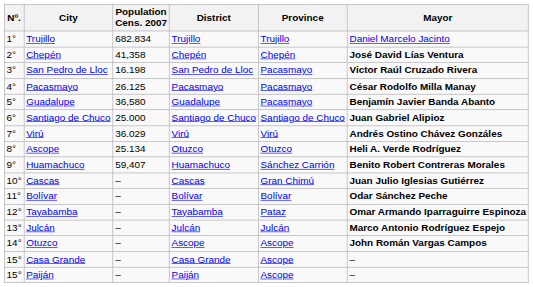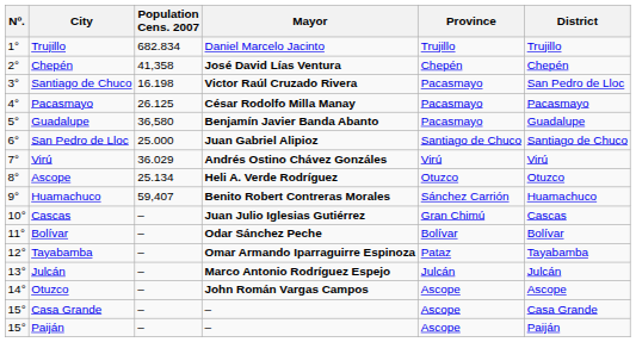 <table class="wikitable sortable">
 <tr ---->
 <th>Nº.</th>
 <th>City</th>
 <th>Population<br>Cens. 2007</th>
+<th>Mayor</th>
+<th>Province</th>
 <th>District</th>
-<th>Province</th>
-<th>Mayor</th>
 </tr>
 <tr ---->
 <td>1°</td>
 <td><a href='#'>Trujillo</a></td>
 <td>682.834</td>
+<td><a href='#'>Daniel Marcelo Jacinto</a></td>
 <td><a href='#'>Trujillo</a></td>
 <td><a href='#'>Trujillo</a></td>
-<td><a href='#'>Daniel Marcelo Jacinto</a></td>
 </tr>
 <tr ---->
 <td>2°</td>
 <td><a href='#'>Chepén</a></td>
 <td>41,358</td>
+<td><strong>José David Lías Ventura</strong></td>
 <td><a href='#'>Chepén</a></td>
 <td><a href='#'>Chepén</a></td>
-<td><strong>José David Lías Ventura</strong></td>
 </tr>
 <tr ---->
 <td>3°</td>
+<td><a href='#'>Santiago de Chuco</a></td>
+<td>16.198</td>
+<td><strong>Victor Raúl Cruzado Rivera</strong></td>
+<td><a href='#'>Pacasmayo</a></td>
 <td><a href='#'>San Pedro de Lloc</a></td>
-<td>16.198</td>
-<td><a href='#'>San Pedro de Lloc</a></td>
-<td><a href='#'>Pacasmayo</a></td>
-<td><strong>Victor Raúl Cruzado Rivera</strong></td>
 </tr>
 <tr ---->
 <td>4°</td>
 <td><a href='#'>Pacasmayo</a></td>
 <td>26.125</td>
+<td><strong>César Rodolfo Milla Manay</strong></td>
 <td><a href='#'>Pacasmayo</a></td>
 <td><a href='#'>Pacasmayo</a></td>
-<td><strong>César Rodolfo Milla Manay</strong></td>
 </tr>
 <tr ---->
 <td>5°</td>
 <td><a href='#'>Guadalupe</a></td>
 <td>36,580</td>
+<td><strong>Benjamín Javier Banda Abanto</strong></td>
+<td><a href='#'>Pacasmayo</a></td>
 <td><a href='#'>Guadalupe</a></td>
-<td><a href='#'>Pacasmayo</a></td>
-<td><strong>Benjamín Javier Banda Abanto</strong></td>
 </tr>
 <tr ---->
 <td>6°</td>
-<td><a href='#'>Santiago de Chuco</a></td>
+<td><a href='#'>San Pedro de Lloc</a></td>
 <td>25.000</td>
+<td><strong>Juan Gabriel Alipioz</strong></td>
 <td><a href='#'>Santiago de Chuco</a></td>
 <td><a href='#'>Santiago de Chuco</a></td>
-<td><strong>Juan Gabriel Alipioz</strong></td>
 </tr>
 <tr ---->
 <td>7°</td>
 <td><a href='#'>Virú</a></td>
 <td>36.029</td>
+<td><strong>Andrés Ostino Chávez Gonzáles</strong></td>
 <td><a href='#'>Virú</a></td>
 <td><a href='#'>Virú</a></td>
-<td><strong>Andrés Ostino Chávez Gonzáles</strong></td>
 </tr>
 <tr ---->
 <td>8°</td>
 <td><a href='#'>Ascope</a></td>
 <td>25.134</td>
+<td><strong>Heli A. Verde Rodríguez</strong></td>
 <td><a href='#'>Otuzco</a></td>
 <td><a href='#'>Otuzco</a></td>
-<td><strong>Heli A. Verde Rodríguez</strong></td>
 </tr>
 <tr ---->
 <td>9°</td>
 <td><a href='#'>Huamachuco</a></td>
 <td>59,407</td>
+<td><strong>Benito Robert Contreras Morales</strong></td>
+<td><a href='#'>Sánchez Carrión</a></td>
 <td><a href='#'>Huamachuco</a></td>
-<td><a href='#'>Sánchez Carrión</a></td>
-<td><strong>Benito Robert Contreras Morales</strong></td>
 </tr>
 <tr ---->
 <td>10°</td>
 <td><a href='#'>Cascas</a></td>
 <td>–</td>
+<td><strong>Juan Julio Iglesias Gutiérrez</strong></td>
+<td><a href='#'>Gran Chimú</a></td>
 <td><a href='#'>Cascas</a></td>
-<td><a href='#'>Gran Chimú</a></td>
-<td><strong>Juan Julio Iglesias Gutiérrez</strong></td>
 </tr>
 <tr ---->
 <td>11°</td>
 <td><a href='#'>Bolívar</a></td>
 <td>–</td>
+<td><strong>Odar Sánchez Peche</strong></td>
 <td><a href='#'>Bolívar</a></td>
 <td><a href='#'>Bolívar</a></td>
-<td><strong>Odar Sánchez Peche</strong></td>
 </tr>
 <tr ---->
 <td>12°</td>
 <td><a href='#'>Tayabamba</a></td>
 <td>–</td>
+<td><strong>Omar Armando Iparraguirre Espinoza</strong></td>
+<td><a href='#'>Pataz</a></td>
 <td><a href='#'>Tayabamba</a></td>
-<td><a href='#'>Pataz</a></td>
-<td><strong>Omar Armando Iparraguirre Espinoza</strong></td>
 </tr>
 <tr ---->
 <td>13°</td>
 <td><a href='#'>Julcán</a></td>
 <td>–</td>
+<td><strong>Marco Antonio Rodríguez Espejo</strong></td>
 <td><a href='#'>Julcán</a></td>
 <td><a href='#'>Julcán</a></td>
-<td><strong>Marco Antonio Rodríguez Espejo</strong></td>
 </tr>
 <tr ---->
 <td>14°</td>
 <td><a href='#'>Otuzco</a></td>
 <td>–</td>
+<td><strong>John Román Vargas Campos</strong></td>
 <td><a href='#'>Ascope</a></td>
 <td><a href='#'>Ascope</a></td>
-<td><strong>John Román Vargas Campos</strong></td>
 </tr>
 <tr ---->
 <td>15°</td>
 <td><a href='#'>Casa Grande</a></td>
 <td>–</td>
+<td>–</td>
+<td><a href='#'>Ascope</a></td>
 <td><a href='#'>Casa Grande</a></td>
-<td><a href='#'>Ascope</a></td>
-<td>–</td>
 </tr>
 <tr ---->
 <td>15°</td>
 <td><a href='#'>Paiján</a></td>
 <td>–</td>
+<td>–</td>
+<td><a href='#'>Ascope</a></td>
 <td><a href='#'>Paiján</a></td>
-<td><a href='#'>Ascope</a></td>
-<td>–</td>
 </tr>
 </table>
